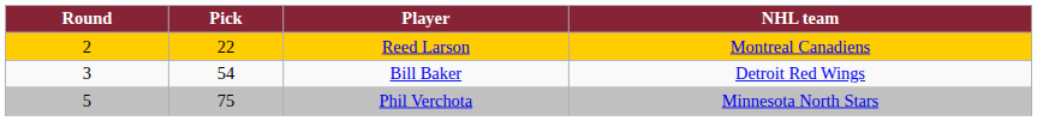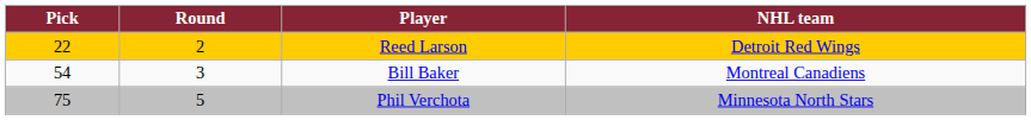 <table class="wikitable" width="60%">
 <tr>
+<th style="color:white; background:#862334; ">Pick</th>
 <th style="color:white; background:#862334; ">Round</th>
-<th style="color:white; background:#862334; ">Pick</th>
 <th style="color:white; background:#862334; ">Player</th>
 <th style="color:white; background:#862334; ">NHL team</th>
 </tr>
 <tr align="center" bgcolor="FFCC00">
+<td>22</td>
 <td>2</td>
-<td>22</td>
 <td><a href='#'>Reed Larson</a></td>
+<td><a href='#'>Detroit Red Wings</a></td>
+</tr>
+<tr align="center" bgcolor=>
+<td>54</td>
+<td>3</td>
+<td><a href='#'>Bill Baker</a></td>
 <td><a href='#'>Montreal Canadiens</a></td>
 </tr>
-<tr align="center" bgcolor=>
-<td>3</td>
-<td>54</td>
-<td><a href='#'>Bill Baker</a></td>
-<td><a href='#'>Detroit Red Wings</a></td>
-</tr>
 <tr align="center" bgcolor="C0C0C0">
+<td>75</td>
 <td>5</td>
-<td>75</td>
 <td><a href='#'>Phil Verchota</a></td>
 <td><a href='#'>Minnesota North Stars</a></td>
 </tr>
 </table>
